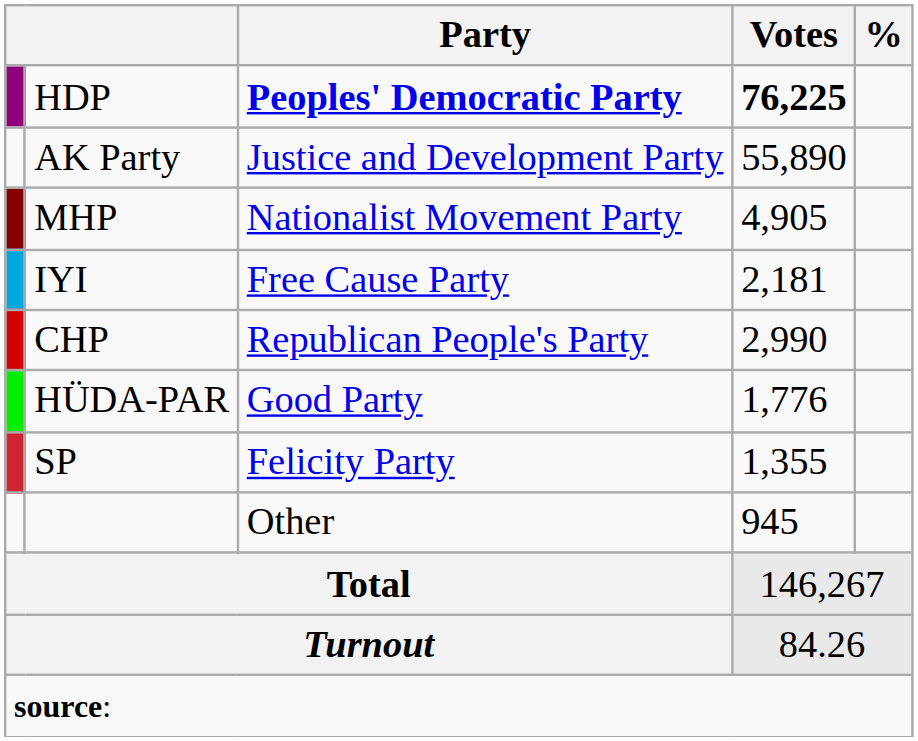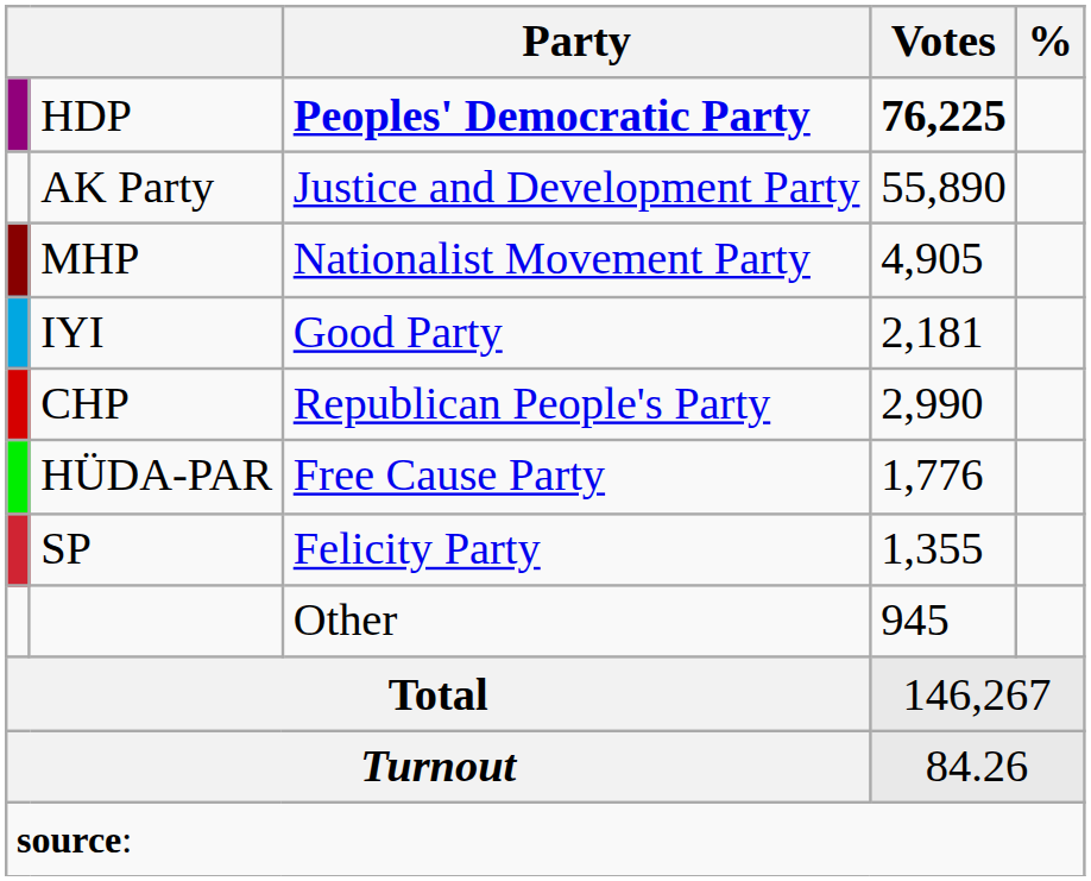 <table class="wikitable">
 <tr>
 <th colspan="2" align="center"></th>
 <th align="center">Party</th>
 <th align="center">Votes</th>
 <th align="center">%</th>
 </tr>
 <tr align="left">
 <td bgcolor="#91007B" width="1"></td>
 <td>HDP</td>
 <td><strong><a href='#'>Peoples' Democratic Party</a></strong></td>
 <td><strong>76,225</strong></td>
 <td><strong></strong></td>
 </tr>
 <tr align="left">
 <td></td>
 <td>AK Party</td>
 <td><a href='#'>Justice and Development Party</a></td>
 <td>55,890</td>
 <td></td>
 </tr>
 <tr align="left">
 <td bgcolor="#870000" width="1"></td>
 <td>MHP</td>
 <td><a href='#'>Nationalist Movement Party</a></td>
 <td>4,905</td>
 <td></td>
 </tr>
 <tr align="left">
 <td bgcolor="#01A7E1" width="1"></td>
 <td>IYI</td>
-<td><a href='#'>Free Cause Party</a></td>
+<td><a href='#'>Good Party</a></td>
 <td>2,181</td>
 <td></td>
 </tr>
 <tr align="left">
 <td bgcolor="#d50000" width="1"></td>
 <td>CHP</td>
 <td><a href='#'>Republican People's Party</a></td>
 <td>2,990</td>
 <td></td>
 </tr>
 <tr align="left">
 <td bgcolor="#Green" width="1"></td>
 <td>HÜDA-PAR</td>
-<td><a href='#'>Good Party</a></td>
+<td><a href='#'>Free Cause Party</a></td>
 <td>1,776</td>
 <td></td>
 </tr>
 <tr align="left">
 <td bgcolor="#D02433" width="1"></td>
 <td>SP</td>
 <td><a href='#'>Felicity Party</a></td>
 <td>1,355</td>
 <td></td>
 </tr>
 <tr align="left">
 <td bgcolor="" width="1"></td>
 <td></td>
 <td>Other</td>
 <td>945</td>
 <td></td>
 </tr>
 <tr align="left" style="background-color:#E9E9E9">
 <th colspan="3" align="center"><strong>Total</strong></th>
 <td colspan="5" align="center">146,267</td>
 </tr>
 <tr align="left" style="background-color:#E9E9E9">
 <th colspan="3" align="center"><em>Turnout</em></th>
 <td colspan="5" align="center">84.26</td>
 </tr>
 <tr>
 <td colspan="9" align="left"><small><strong>source</strong>: </small></td>
 </tr>
 </table>
